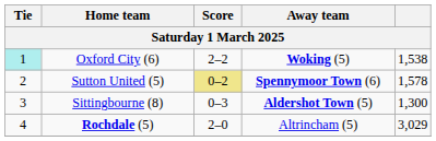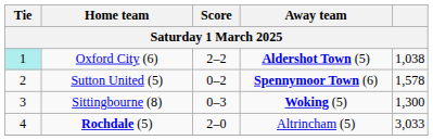 <table class="wikitable" style="text-align:center; font-size:90%">
 <tr>
 <th scope="col" style="width:  8.43%;">Tie</th>
 <th scope="col" style="width: 35.29%;">Home team</th>
 <th scope="col" style="width: 11.00%;">Score</th>
 <th scope="col" style="width: 35.29%;">Away team</th>
 <th scope="col" style="width:  8.43%;"></th>
 </tr>
 <tr>
 <th colspan="5"><strong>Saturday 1 March 2025</strong></th>
 </tr>
 <tr>
 <td style="background: paleturquoise;">1</td>
 <td><a href='#'>Oxford City</a> (6)</td>
 <td>2–2 </td>
-<td><strong><a href='#'>Woking</a></strong> (5)</td>
-<td>1,538</td>
+<td><strong><a href='#'>Aldershot Town</a></strong> (5)</td>
+<td>1,038</td>
 </tr>
 <tr>
 <td>2</td>
 <td><a href='#'>Sutton United</a> (5)</td>
-<td style="background: khaki;">0–2</td>
+<td>0–2</td>
 <td><strong><a href='#'>Spennymoor Town</a></strong> (6)</td>
 <td>1,578</td>
 </tr>
 <tr>
 <td>3</td>
 <td><a href='#'>Sittingbourne</a> (8)</td>
 <td>0–3</td>
-<td><strong><a href='#'>Aldershot Town</a></strong> (5)</td>
+<td><strong><a href='#'>Woking</a></strong> (5)</td>
 <td>1,300</td>
 </tr>
 <tr>
 <td>4</td>
 <td><strong><a href='#'>Rochdale</a></strong> (5)</td>
 <td>2–0</td>
 <td><a href='#'>Altrincham</a> (5)</td>
-<td>3,029</td>
+<td>3,033</td>
 </tr>
 <tr>
 </tr>
 </table>
